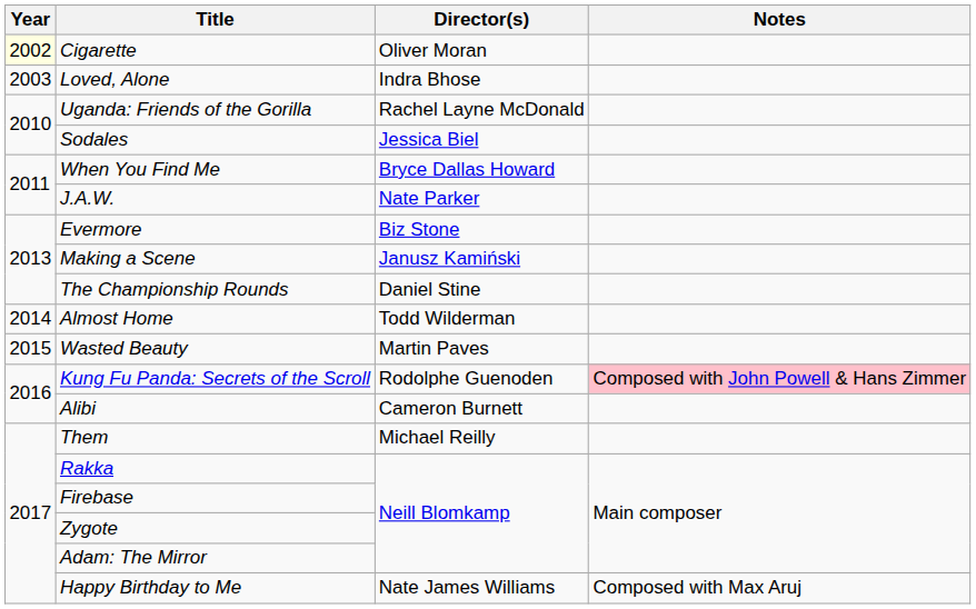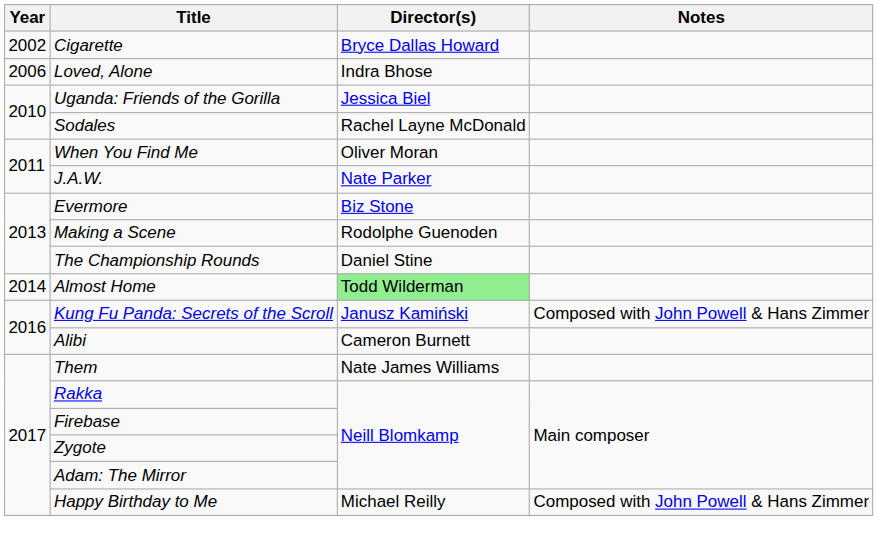 <table class="wikitable sortable">
 <tr>
 <th>Year</th>
 <th>Title</th>
 <th>Director(s)</th>
 <th>Notes</th>
 </tr>
 <tr>
-<td style="background: lightyellow;">2002</td>
+<td>2002</td>
 <td><em>Cigarette</em></td>
-<td>Oliver Moran</td>
+<td><a href='#'>Bryce Dallas Howard</a></td>
 <td></td>
 </tr>
 <tr>
-<td>2003</td>
+<td>2006</td>
 <td><em>Loved, Alone</em></td>
 <td>Indra Bhose</td>
 <td></td>
 </tr>
 <tr>
 <td rowspan="2">2010</td>
 <td><em>Uganda: Friends of the Gorilla</em></td>
-<td>Rachel Layne McDonald</td>
+<td><a href='#'>Jessica Biel</a></td>
 <td></td>
 </tr>
 <tr>
 <td><em>Sodales</em></td>
-<td><a href='#'>Jessica Biel</a></td>
+<td>Rachel Layne McDonald</td>
 <td></td>
 </tr>
 <tr>
 <td rowspan="2">2011</td>
 <td><em>When You Find Me</em></td>
-<td><a href='#'>Bryce Dallas Howard</a></td>
+<td>Oliver Moran</td>
 <td></td>
 </tr>
 <tr>
 <td><em>J.A.W.</em></td>
 <td><a href='#'>Nate Parker</a></td>
 <td></td>
 </tr>
 <tr>
 <td rowspan="3">2013</td>
 <td><em>Evermore</em></td>
 <td><a href='#'>Biz Stone</a></td>
 <td></td>
 </tr>
 <tr>
 <td><em>Making a Scene</em></td>
-<td><a href='#'>Janusz Kamiński</a></td>
+<td>Rodolphe Guenoden</td>
 <td></td>
 </tr>
 <tr>
 <td><em>The Championship Rounds</em></td>
 <td>Daniel Stine</td>
 <td></td>
 </tr>
 <tr>
 <td>2014</td>
 <td><em>Almost Home</em></td>
-<td>Todd Wilderman</td>
-<td></td>
-</tr>
-<tr>
-<td>2015</td>
-<td><em>Wasted Beauty</em></td>
-<td>Martin Paves</td>
+<td style="background: lightgreen;">Todd Wilderman</td>
 <td></td>
 </tr>
 <tr>
 <td rowspan="2">2016</td>
 <td><em><a href='#'>Kung Fu Panda: Secrets of the Scroll</a></em></td>
-<td>Rodolphe Guenoden</td>
-<td style="background: pink;">Composed with <a href='#'>John Powell</a> & Hans Zimmer</td>
+<td><a href='#'>Janusz Kamiński</a></td>
+<td>Composed with <a href='#'>John Powell</a> & Hans Zimmer</td>
 </tr>
 <tr>
 <td><em>Alibi</em></td>
 <td>Cameron Burnett</td>
 <td></td>
 </tr>
 <tr>
 <td rowspan="6">2017</td>
 <td><em>Them</em></td>
-<td>Michael Reilly</td>
+<td>Nate James Williams</td>
 <td></td>
 </tr>
 <tr>
 <td><em><a href='#'>Rakka</a></em></td>
 <td rowspan="4"><a href='#'>Neill Blomkamp</a></td>
 <td rowspan="4">Main composer</td>
 </tr>
 <tr>
 <td><em>Firebase</em></td>
 </tr>
 <tr>
 <td><em>Zygote</em></td>
 </tr>
 <tr>
 <td><em>Adam: The Mirror</em></td>
 </tr>
 <tr>
 <td><em>Happy Birthday to Me</em></td>
-<td>Nate James Williams</td>
-<td>Composed with Max Aruj</td>
+<td>Michael Reilly</td>
+<td>Composed with <a href='#'>John Powell</a> & Hans Zimmer</td>
 </tr>
 </table>
